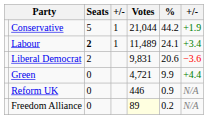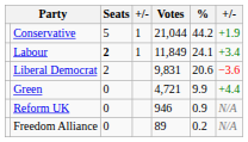 <table class="wikitable sortable">
 <tr>
 <th colspan="2">Party</th>
 <th>Seats</th>
 <th>+/-</th>
 <th>Votes</th>
 <th>%</th>
 <th>+/-</th>
 </tr>
 <tr>
 <td style="background-color: "></td>
 <td><a href='#'>Conservative</a></td>
 <td>5</td>
 <td> 1</td>
 <td>21,044</td>
 <td>44.2</td>
 <td style="color:green">+1.9</td>
 </tr>
 <tr>
 <td style="background-color: "></td>
 <td><a href='#'>Labour</a></td>
 <td><strong>2</strong></td>
 <td> 1</td>
-<td>11,489</td>
+<td>11,849</td>
 <td>24.1</td>
 <td style="color:green">+3.4</td>
 </tr>
 <tr>
 <td style="background-color: "></td>
 <td><a href='#'>Liberal Democrat</a></td>
 <td>2</td>
 <td></td>
 <td>9,831</td>
 <td>20.6</td>
 <td style="color:red">−3.6</td>
 </tr>
 <tr>
 <td style="background-color: "></td>
 <td><a href='#'>Green</a></td>
 <td>0</td>
 <td></td>
 <td>4,721</td>
 <td>9.9</td>
 <td style="color:green">+4.4</td>
 </tr>
 <tr>
 <td style="background-color: "></td>
 <td><a href='#'>Reform UK</a></td>
 <td>0</td>
 <td></td>
-<td>446</td>
+<td>946</td>
 <td>0.9</td>
 <td span style="color:grey"><em>N/A</em></td>
 </tr>
 <tr>
 <td style="background-color: "></td>
 <td>Freedom Alliance</td>
 <td>0</td>
 <td></td>
-<td style="background: lightyellow;">89</td>
+<td>89</td>
 <td>0.2</td>
 <td span style="color:grey"><em>N/A</em></td>
 </tr>
 </table>
